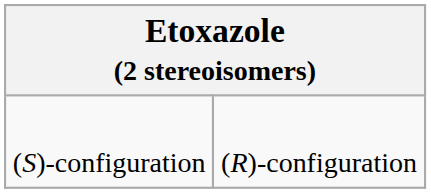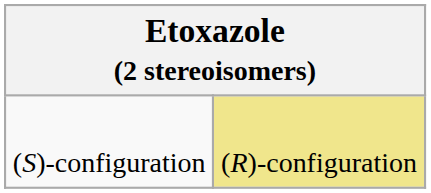 <table class="wikitable" style="text-align:center">
 <tr class="hintergrundfarbe6">
 <th colspan="2">Etoxazole<br><small>(2 stereoisomers)</small></th>
 </tr>
 <tr>
 <td><br><small>(<em>S</em>)-configuration</small></td>
-<td><br><small>(<em>R</em>)-configuration</small></td>
+<td style="background: khaki;"><br><small>(<em>R</em>)-configuration</small></td>
 </tr>
 </table>
